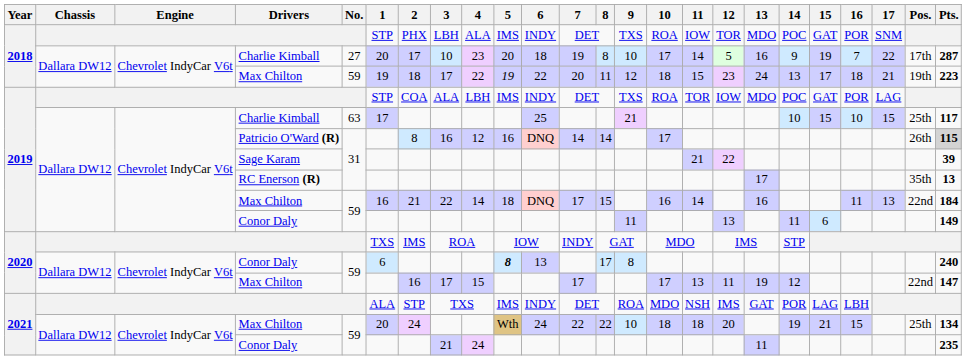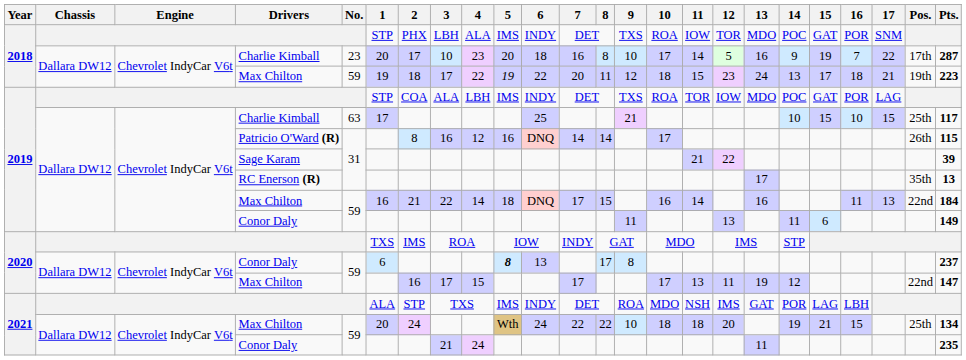 <table class="wikitable" style="text-align:center; font-size:85%">
 <tr>
 <th>Year</th>
 <th style="white-spaaace: nowrap;">Chassis</th>
 <th style="white-spaaace: nowrap;">Engine</th>
 <th style="white-spaaace: nowrap;">Drivers</th>
 <th>No.</th>
 <th>1</th>
 <th>2</th>
 <th>3</th>
 <th>4</th>
 <th>5</th>
 <th>6</th>
 <th>7</th>
 <th>8</th>
 <th>9</th>
 <th>10</th>
 <th>11</th>
 <th>12</th>
 <th>13</th>
 <th>14</th>
 <th>15</th>
 <th>16</th>
 <th>17</th>
 <th>Pos.</th>
 <th>Pts.</th>
 </tr>
 <tr>
 <th rowspan=3><a href='#'>2018</a></th>
 <th colspan=4></th>
 <td><a href='#'>STP</a></td>
 <td><a href='#'>PHX</a></td>
 <td><a href='#'>LBH</a></td>
 <td><a href='#'>ALA</a></td>
 <td><a href='#'>IMS</a></td>
 <td><a href='#'>INDY</a></td>
 <td colspan=2><a href='#'>DET</a></td>
 <td><a href='#'>TXS</a></td>
 <td><a href='#'>ROA</a></td>
 <td><a href='#'>IOW</a></td>
 <td><a href='#'>TOR</a></td>
 <td><a href='#'>MDO</a></td>
 <td><a href='#'>POC</a></td>
 <td><a href='#'>GAT</a></td>
 <td><a href='#'>POR</a></td>
 <td><a href='#'>SNM</a></td>
 <th colspan=2></th>
 </tr>
 <tr>
 <td rowspan=2><a href='#'>Dallara DW12</a></td>
 <td rowspan=2><a href='#'>Chevrolet</a> IndyCar <a href='#'>V6</a><a href='#'>t</a></td>
 <td align="left"> <a href='#'>Charlie Kimball</a></td>
-<td>27</td>
+<td>23</td>
 <td style="background:#CFCFFF;">20</td>
 <td style="background:#CFCFFF;">17</td>
 <td style="background:#CFEAFF;">10</td>
 <td style="background:#EFCFFF;">23</td>
 <td style="background:#CFCFFF;">20</td>
 <td style="background:#CFCFFF;">18</td>
-<td style="background:#CFCFFF;">19</td>
+<td style="background:#CFCFFF;">16</td>
 <td style="background:#CFEAFF;">8</td>
 <td style="background:#CFEAFF;">10</td>
 <td style="background:#CFCFFF;">17</td>
 <td style="background:#CFCFFF;">14</td>
 <td style="background:#DFFFDF;">5</td>
 <td style="background:#CFCFFF;">16</td>
 <td style="background:#CFEAFF;">9</td>
 <td style="background:#CFCFFF;">19</td>
 <td style="background:#CFEAFF;">7</td>
 <td style="background:#CFCFFF;">22</td>
 <td>17th</td>
 <td><strong>287</strong></td>
 </tr>
 <tr>
 <td align="left"> <a href='#'>Max Chilton</a></td>
 <td>59</td>
 <td style="background:#CFCFFF;">19</td>
 <td style="background:#CFCFFF;">18</td>
 <td style="background:#CFCFFF;">17</td>
 <td style="background:#EFCFFF;">22</td>
 <td style="background:#CFCFFF;"><em>19</em></td>
 <td style="background:#CFCFFF;">22</td>
 <td style="background:#CFCFFF;">20</td>
 <td style="background:#CFCFFF;">11</td>
 <td style="background:#CFCFFF;">12</td>
 <td style="background:#CFCFFF;">18</td>
 <td style="background:#CFCFFF;">15</td>
 <td style="background:#EFCFFF;">23</td>
 <td style="background:#CFCFFF;">24</td>
 <td style="background:#CFCFFF;">13</td>
 <td style="background:#CFCFFF;">17</td>
 <td style="background:#CFCFFF;">18</td>
 <td style="background:#CFCFFF;">21</td>
 <td>19th</td>
 <td><strong>223</strong></td>
 </tr>
 <tr>
 <th rowspan=7><a href='#'>2019</a></th>
 <th colspan=4></th>
 <td><a href='#'>STP</a></td>
 <td><a href='#'>COA</a></td>
 <td><a href='#'>ALA</a></td>
 <td><a href='#'>LBH</a></td>
 <td><a href='#'>IMS</a></td>
 <td><a href='#'>INDY</a></td>
 <td colspan=2><a href='#'>DET</a></td>
 <td><a href='#'>TXS</a></td>
 <td><a href='#'>ROA</a></td>
 <td><a href='#'>TOR</a></td>
 <td><a href='#'>IOW</a></td>
 <td><a href='#'>MDO</a></td>
 <td><a href='#'>POC</a></td>
 <td><a href='#'>GAT</a></td>
 <td><a href='#'>POR</a></td>
 <td><a href='#'>LAG</a></td>
 <th colspan=4></th>
 </tr>
 <tr>
 <td rowspan=6><a href='#'>Dallara DW12</a></td>
 <td rowspan=6><a href='#'>Chevrolet</a> IndyCar <a href='#'>V6</a><a href='#'>t</a></td>
 <td align="left"> <a href='#'>Charlie Kimball</a></td>
 <td>63</td>
 <td style="background:#CFCFFF;">17</td>
 <td></td>
 <td></td>
 <td></td>
 <td></td>
 <td style="background:#CFCFFF;">25</td>
 <td></td>
 <td></td>
 <td style="background:#EFCFFF;">21</td>
 <td></td>
 <td></td>
 <td></td>
 <td></td>
 <td style="background:#CFEAFF;">10</td>
 <td style="background:#CFCFFF;">15</td>
 <td style="background:#CFEAFF;">10</td>
 <td style="background:#CFCFFF;">15</td>
 <td>25th</td>
 <td><strong>117</strong></td>
 </tr>
 <tr>
 <td align="left"> <a href='#'>Patricio O'Ward</a> <strong>(R)</strong></td>
 <td rowspan=3>31</td>
 <td></td>
 <td style="background:#CFEAFF;">8</td>
 <td style="background:#CFCFFF;">16</td>
 <td style="background:#CFCFFF;">12</td>
 <td style="background:#CFCFFF;">16</td>
 <td style="background:#FFCFCF;">DNQ</td>
 <td style="background:#CFCFFF;">14</td>
 <td style="background:#CFCFFF;">14</td>
 <td></td>
 <td style="background:#CFCFFF;">17</td>
 <td></td>
 <td></td>
 <td></td>
 <td></td>
 <td></td>
 <td></td>
 <td></td>
 <td>26th</td>
-<td style="background: lightgrey;"><strong>115</strong></td>
+<td><strong>115</strong></td>
 </tr>
 <tr>
 <td align="left"> <a href='#'>Sage Karam</a></td>
 <td></td>
 <td></td>
 <td></td>
 <td></td>
 <td></td>
 <td></td>
 <td></td>
 <td></td>
 <td></td>
 <td></td>
 <td style="background:#CFCFFF;">21</td>
 <td style="background:#EFCFFF;">22</td>
 <td></td>
 <td></td>
 <td></td>
 <td></td>
 <td></td>
 <td></td>
 <td><strong>39</strong></td>
 </tr>
 <tr>
 <td align="left"> <a href='#'>RC Enerson</a> <strong>(R)</strong></td>
 <td></td>
 <td></td>
 <td></td>
 <td></td>
 <td></td>
 <td></td>
 <td></td>
 <td></td>
 <td></td>
 <td></td>
 <td></td>
 <td></td>
 <td style="background:#CFCFFF;">17</td>
 <td></td>
 <td></td>
 <td></td>
 <td></td>
 <td>35th</td>
 <td><strong>13</strong></td>
 </tr>
 <tr>
 <td align="left"> <a href='#'>Max Chilton</a></td>
 <td rowspan=2>59</td>
 <td style="background:#CFCFFF;">16</td>
 <td style="background:#CFCFFF;">21</td>
 <td style="background:#CFCFFF;">22</td>
 <td style="background:#CFCFFF;">14</td>
 <td style="background:#CFCFFF;">18</td>
 <td style="background:#FFCFCF;">DNQ</td>
 <td style="background:#CFCFFF;">17</td>
 <td style="background:#CFCFFF;">15</td>
 <td></td>
 <td style="background:#CFCFFF;">16</td>
 <td style="background:#CFCFFF;">14</td>
 <td></td>
 <td style="background:#CFCFFF;">16</td>
 <td></td>
 <td></td>
 <td style="background:#CFCFFF;">11</td>
 <td style="background:#CFCFFF;">13</td>
 <td>22nd</td>
 <td><strong>184</strong></td>
 </tr>
 <tr>
 <td align="left"> <a href='#'>Conor Daly</a></td>
 <td></td>
 <td></td>
 <td></td>
 <td></td>
 <td></td>
 <td></td>
 <td></td>
 <td></td>
 <td style="background:#CFCFFF;">11</td>
 <td></td>
 <td></td>
 <td style="background:#CFCFFF;">13</td>
 <td></td>
 <td style="background:#CFCFFF;">11</td>
 <td style="background:#CFEAFF;">6</td>
 <td></td>
 <td></td>
 <td></td>
 <td><strong>149</strong></td>
 </tr>
 <tr>
 <th rowspan="3"><a href='#'>2020</a></th>
 <th colspan=4></th>
 <td><a href='#'>TXS</a></td>
 <td><a href='#'>IMS</a></td>
 <td colspan=2><a href='#'>ROA</a></td>
 <td colspan=2><a href='#'>IOW</a></td>
 <td><a href='#'>INDY</a></td>
 <td colspan=2><a href='#'>GAT</a></td>
 <td colspan=2><a href='#'>MDO</a></td>
 <td colspan=2><a href='#'>IMS</a></td>
 <td><a href='#'>STP</a></td>
 <th colspan=7></th>
 </tr>
 <tr>
 <td rowspan="2"><a href='#'>Dallara DW12</a></td>
 <td rowspan=2><a href='#'>Chevrolet</a> IndyCar <a href='#'>V6</a><a href='#'>t</a></td>
 <td align="left"> <a href='#'>Conor Daly</a></td>
 <td rowspan=2>59</td>
 <td style="background:#CFEAFF;">6</td>
 <td></td>
 <td></td>
 <td></td>
 <td style="background:#CFEAFF;"><strong><em>8</em></strong></td>
 <td style="background:#CFCFFF;">13</td>
 <td></td>
 <td style="background:#CFEAFF;">17</td>
 <td style="background:#CFEAFF;">8</td>
 <td></td>
 <td></td>
 <td></td>
 <td></td>
 <td></td>
 <td></td>
 <td></td>
 <td></td>
 <td></td>
-<td><strong>240</strong></td>
+<td><strong>237</strong></td>
 </tr>
 <tr>
 <td align="left"> <a href='#'>Max Chilton</a></td>
 <td></td>
 <td style="background:#CFCFFF;">16</td>
 <td style="background:#CFCFFF;">17</td>
 <td style="background:#CFCFFF;">15</td>
 <td></td>
 <td></td>
 <td style="background:#CFCFFF;">17</td>
 <td></td>
 <td></td>
 <td style="background:#CFCFFF;">17</td>
 <td style="background:#CFCFFF;">13</td>
 <td style="background:#CFCFFF;">11</td>
 <td style="background:#CFCFFF;">19</td>
 <td style="background:#CFCFFF;">12</td>
 <td></td>
 <td></td>
 <td></td>
 <td>22nd</td>
 <td><strong>147</strong></td>
 </tr>
 <tr>
 <th rowspan="3"><a href='#'>2021</a></th>
 <th colspan=4></th>
 <td><a href='#'>ALA</a></td>
 <td><a href='#'>STP</a></td>
 <td colspan=2><a href='#'>TXS</a></td>
 <td><a href='#'>IMS</a></td>
 <td><a href='#'>INDY</a></td>
 <td colspan=2><a href='#'>DET</a></td>
 <td><a href='#'>ROA</a></td>
 <td><a href='#'>MDO</a></td>
 <td><a href='#'>NSH</a></td>
 <td><a href='#'>IMS</a></td>
 <td><a href='#'>GAT</a></td>
 <td><a href='#'>POR</a></td>
 <td><a href='#'>LAG</a></td>
 <td><a href='#'>LBH</a></td>
 <th colspan=5></th>
 </tr>
 <tr>
 <td rowspan="2"><a href='#'>Dallara DW12</a></td>
 <td rowspan="2"><a href='#'>Chevrolet</a> IndyCar <a href='#'>V6</a><a href='#'>t</a></td>
 <td align="left"> <a href='#'>Max Chilton</a></td>
 <td rowspan="2">59</td>
 <td style="background:#CFCFFF;">20</td>
 <td style="background:#EFCFFF;">24</td>
 <td></td>
 <td></td>
 <td style="background:#DFC484;">Wth</td>
 <td style="background:#CFCFFF;">24</td>
 <td style="background:#CFCFFF;">22</td>
 <td style="background:#CFCFFF;">22</td>
 <td style="background:#CFEAFF;">10</td>
 <td style="background:#CFCFFF;">18</td>
 <td style="background:#CFCFFF;">18</td>
 <td style="background:#CFCFFF;">20</td>
 <td></td>
 <td style="background:#CFCFFF;">19</td>
 <td style="background:#CFCFFF;">21</td>
 <td style="background:#CFCFFF;">15</td>
 <td></td>
 <td>25th</td>
 <td><strong>134</strong></td>
 </tr>
 <tr>
 <td align="left"> <a href='#'>Conor Daly</a></td>
 <td></td>
 <td></td>
 <td style="background:#CFCFFF;">21</td>
 <td style="background:#EFCFFF;">24</td>
 <td></td>
 <td></td>
 <td></td>
 <td></td>
 <td></td>
 <td></td>
 <td></td>
 <td></td>
 <td style="background:#CFCFFF;">11</td>
 <td></td>
 <td></td>
 <td></td>
 <td></td>
 <td></td>
 <td><strong>235</strong></td>
 </tr>
 </table>
